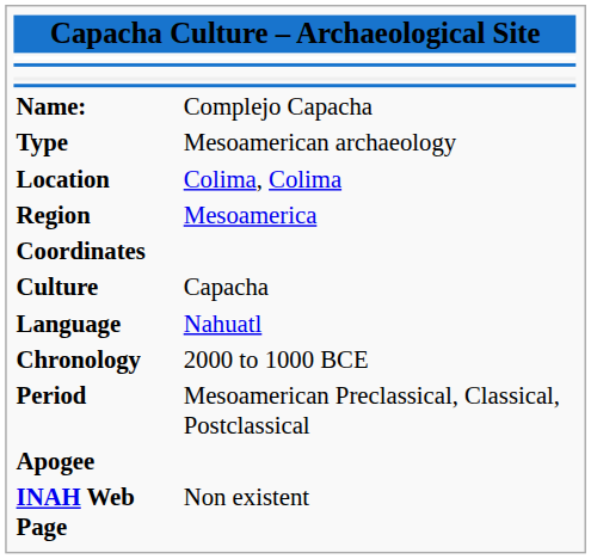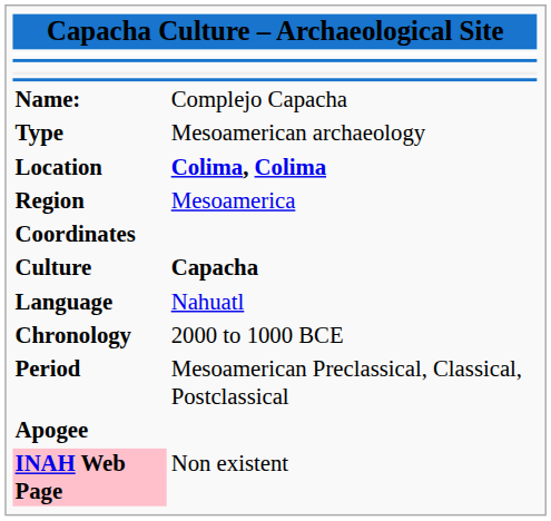 <table class="infobox" style="font-size:90%; text-align:left; width:23.5em">
 <tr>
 <td colspan="3" bgcolor=#1874CD style="text-align: center; font-size: larger;"><span><strong> Capacha Culture – Archaeological Site</strong></span></td>
 </tr>
 <tr style="vertical-align: top; text-align: center;">
 <td colspan=3 bgcolor="#FFFFFF" align="center"></td>
 </tr>
 <tr>
 <td colspan="2" bgcolor=#1874CD></td>
 </tr>
 <tr>
 <td colspan=2></td>
 </tr>
 <tr>
 <td style="background:#efefef;"align="center" colspan="2"></td>
 </tr>
 <tr>
 <td colspan="2" bgcolor=#1874CD></td>
 </tr>
 <tr>
 <td><strong>Name:</strong></td>
 <td><span> Complejo Capacha</span></td>
 </tr>
 <tr>
 <td><strong>Type</strong></td>
 <td>Mesoamerican archaeology</td>
 </tr>
 <tr>
 <td><strong>Location</strong></td>
-<td><a href='#'>Colima</a>, <a href='#'>Colima</a> <br></td>
+<td><strong><a href='#'>Colima</a>, <a href='#'>Colima</a> <br></strong></td>
 </tr>
 <tr>
 <td><strong>Region</strong></td>
 <td><a href='#'>Mesoamerica</a></td>
 </tr>
 <tr>
 <td><strong>Coordinates</strong></td>
 <td></td>
 </tr>
 <tr>
 <td><strong>Culture</strong></td>
-<td>Capacha</td>
+<td><strong>Capacha</strong></td>
 </tr>
 <tr>
 <td><strong>Language</strong></td>
 <td><a href='#'>Nahuatl</a></td>
 </tr>
 <tr>
 <td><strong>Chronology</strong></td>
 <td>2000 to 1000 BCE</td>
 </tr>
 <tr>
 <td><strong>Period</strong></td>
 <td>Mesoamerican Preclassical, Classical, Postclassical</td>
 </tr>
 <tr>
 <td><strong>Apogee</strong></td>
 <td></td>
 </tr>
 <tr>
-<td><strong><a href='#'>INAH</a> Web Page</strong></td>
+<td style="background: pink;"><strong><a href='#'>INAH</a> Web Page</strong></td>
 <td>Non existent</td>
 </tr>
 </table>
